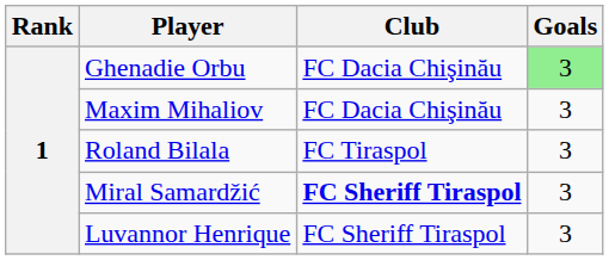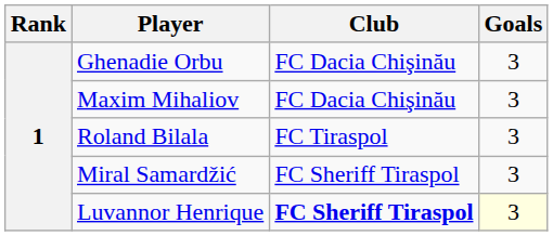 <table class="wikitable">
 <tr>
 <th>Rank</th>
 <th>Player</th>
 <th>Club</th>
 <th>Goals</th>
 </tr>
 <tr>
 <th rowspan=5 align=center>1</th>
 <td> <a href='#'>Ghenadie Orbu</a></td>
 <td><a href='#'>FC Dacia Chişinău</a></td>
-<td align=center style="background: lightgreen;">3</td>
+<td align=center>3</td>
 </tr>
 <tr>
 <td> <a href='#'>Maxim Mihaliov</a></td>
 <td><a href='#'>FC Dacia Chişinău</a></td>
 <td align=center>3</td>
 </tr>
 <tr>
 <td> <a href='#'>Roland Bilala</a></td>
 <td><a href='#'>FC Tiraspol</a></td>
 <td align=center>3</td>
 </tr>
 <tr>
 <td> <a href='#'>Miral Samardžić</a></td>
-<td><strong><a href='#'>FC Sheriff Tiraspol</a></strong></td>
+<td><a href='#'>FC Sheriff Tiraspol</a></td>
 <td align=center>3</td>
 </tr>
 <tr>
 <td> <a href='#'>Luvannor Henrique</a></td>
-<td><a href='#'>FC Sheriff Tiraspol</a></td>
-<td align=center>3</td>
+<td><strong><a href='#'>FC Sheriff Tiraspol</a></strong></td>
+<td align=center style="background: lightyellow;">3</td>
 </tr>
 </table>
